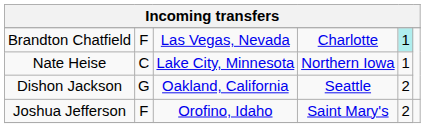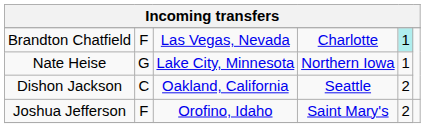 <table class="wikitable" style="text-align: center">
 <tr>
 <th colspan=6>Incoming transfers</th>
 </tr>
 <tr>
 </tr>
 <tr>
 <td>Brandton Chatfield</td>
 <td>F</td>
 <td><a href='#'>Las Vegas, Nevada</a></td>
 <td><a href='#'>Charlotte</a></td>
 <td style="background: paleturquoise;">1</td>
 <td rowspan="3"></td>
 </tr>
 <tr>
 <td>Nate Heise</td>
-<td>C</td>
+<td>G</td>
 <td><a href='#'>Lake City, Minnesota</a></td>
 <td><a href='#'>Northern Iowa</a></td>
 <td>1</td>
 </tr>
 <tr>
 <td>Dishon Jackson</td>
-<td>G</td>
+<td>C</td>
 <td><a href='#'>Oakland, California</a></td>
 <td><a href='#'>Seattle</a></td>
 <td>2</td>
 </tr>
 <tr>
 <td>Joshua Jefferson</td>
 <td>F</td>
 <td><a href='#'>Orofino, Idaho</a></td>
 <td><a href='#'>Saint Mary's</a></td>
 <td>2</td>
 </tr>
 <tr>
 </tr>
 </table>
